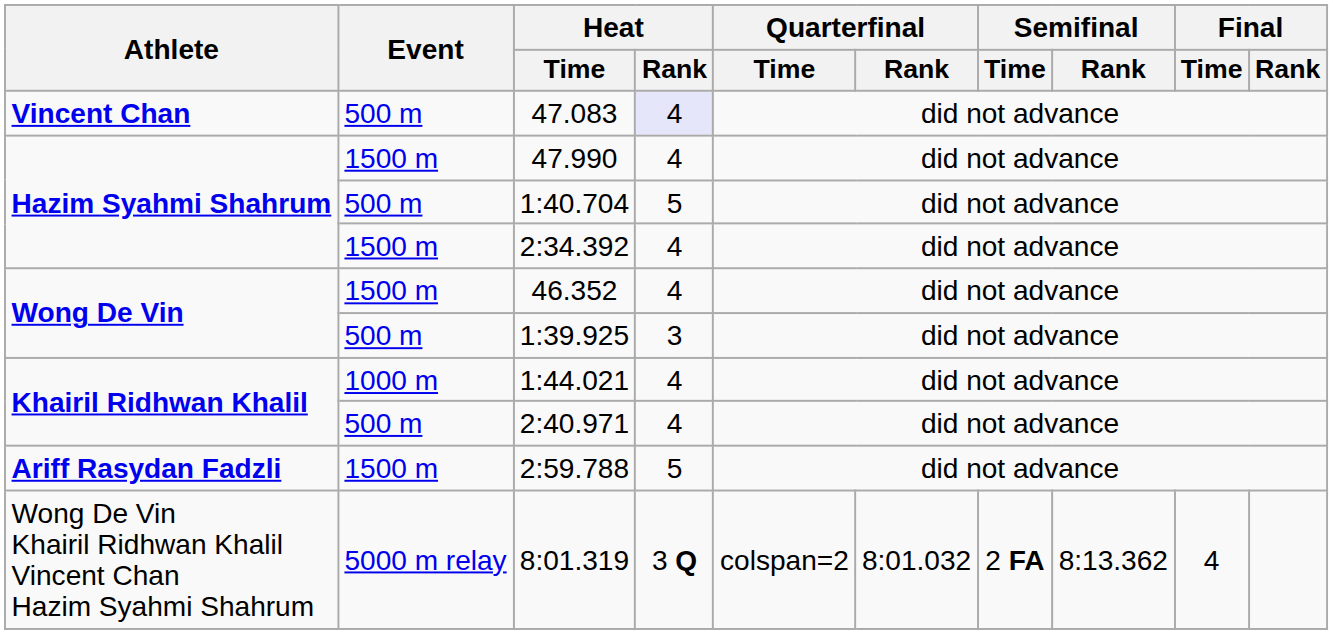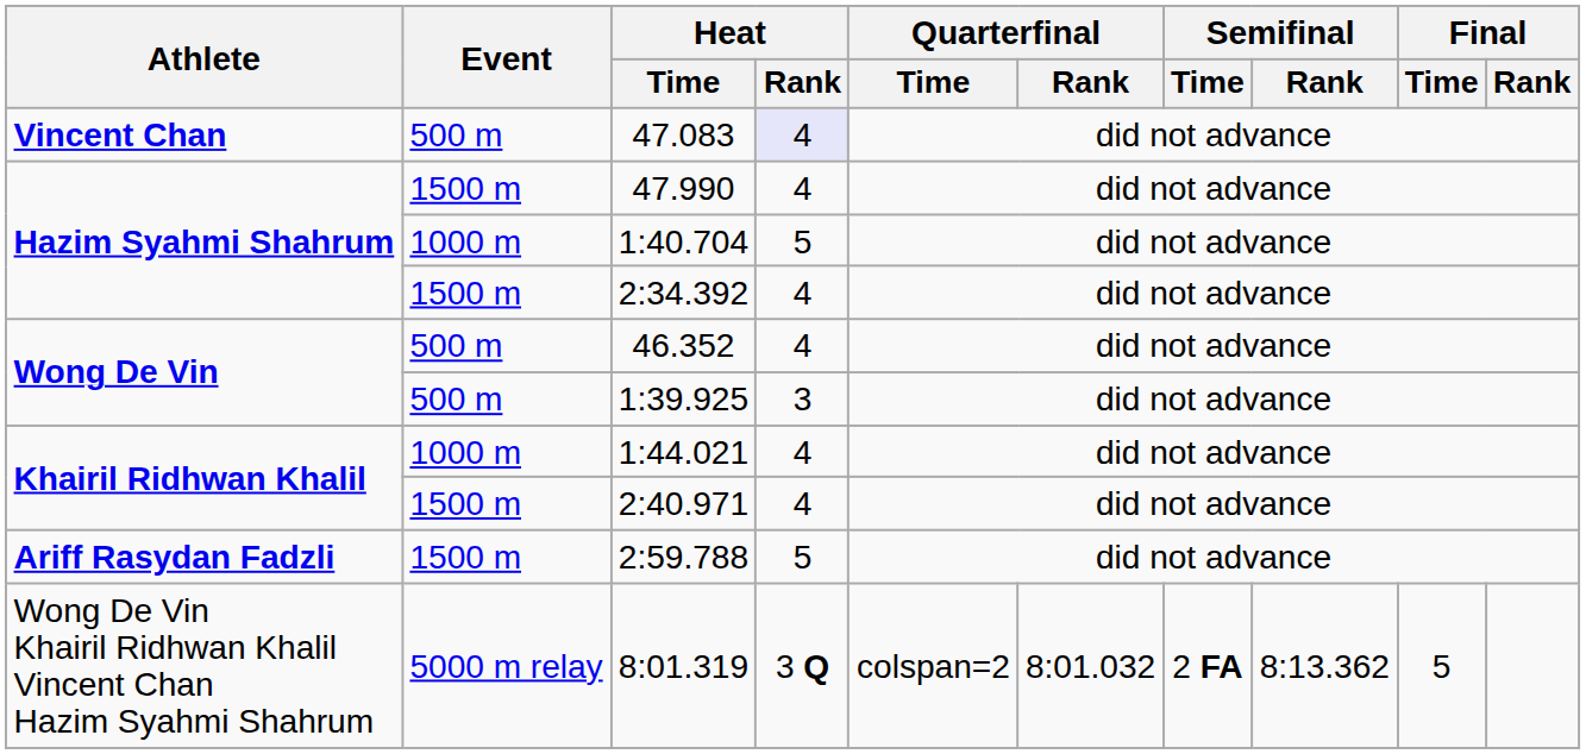 <table class="wikitable" style="font-size:90%">
 <tr>
 <th rowspan=2>Athlete</th>
 <th rowspan=2>Event</th>
 <th colspan=2>Heat</th>
 <th colspan=2>Quarterfinal</th>
 <th colspan=2>Semifinal</th>
 <th colspan=2>Final</th>
 </tr>
 <tr style="font-size:95%">
 <th>Time</th>
 <th>Rank</th>
 <th>Time</th>
 <th>Rank</th>
 <th>Time</th>
 <th>Rank</th>
 <th>Time</th>
 <th>Rank</th>
 </tr>
 <tr align=center>
 <td align=left rowspan=1><strong><a href='#'>Vincent Chan  </a></strong></td>
 <td align=left><a href='#'>500 m</a></td>
 <td>47.083</td>
 <td style="background: lavender;">4</td>
 <td colspan=6>did not advance</td>
 </tr>
 <tr align=center>
 <td align=left rowspan=3><strong><a href='#'>Hazim Syahmi Shahrum </a></strong></td>
 <td align=left><a href='#'>1500 m</a></td>
 <td>47.990</td>
 <td>4</td>
 <td colspan=6>did not advance</td>
 </tr>
 <tr align=center>
-<td align=left><a href='#'>500 m</a></td>
+<td align=left><a href='#'>1000 m</a></td>
 <td>1:40.704</td>
 <td>5</td>
 <td colspan=6>did not advance</td>
 </tr>
 <tr align=center>
 <td align=left><a href='#'>1500 m</a></td>
 <td>2:34.392</td>
 <td>4</td>
 <td colspan=6>did not advance</td>
 </tr>
 <tr align=center>
 <td align=left rowspan=2><strong><a href='#'>Wong De Vin  </a></strong></td>
-<td align=left><a href='#'>1500 m</a></td>
+<td align=left><a href='#'>500 m</a></td>
 <td>46.352</td>
 <td>4</td>
 <td colspan=6>did not advance</td>
 </tr>
 <tr align=center>
 <td align=left><a href='#'>500 m</a></td>
 <td>1:39.925</td>
 <td>3</td>
 <td colspan=6>did not advance</td>
 </tr>
 <tr align=center>
 <td align=left rowspan=2><strong><a href='#'>Khairil Ridhwan Khalil  </a></strong></td>
 <td align=left><a href='#'>1000 m</a></td>
 <td>1:44.021</td>
 <td>4</td>
 <td colspan=6>did not advance</td>
 </tr>
 <tr align=center>
-<td align=left><a href='#'>500 m</a></td>
+<td align=left><a href='#'>1500 m</a></td>
 <td>2:40.971</td>
 <td>4</td>
 <td colspan=6>did not advance</td>
 </tr>
 <tr align=center>
 <td align=left rowspan=1><strong><a href='#'>Ariff Rasydan Fadzli </a></strong></td>
 <td align=left><a href='#'>1500 m</a></td>
 <td>2:59.788</td>
 <td>5</td>
 <td colspan=6>did not advance</td>
 </tr>
 <tr align=center>
 <td align=left>Wong De Vin<br>Khairil Ridhwan Khalil<br>Vincent Chan<br>Hazim Syahmi Shahrum</td>
 <td align=left><a href='#'>5000 m relay</a></td>
 <td>8:01.319</td>
 <td>3 <strong>Q</strong></td>
 <td>colspan=2 </td>
 <td>8:01.032</td>
 <td>2 <strong>FA</strong></td>
 <td>8:13.362</td>
-<td>4</td>
+<td>5</td>
 </tr>
 </table>
